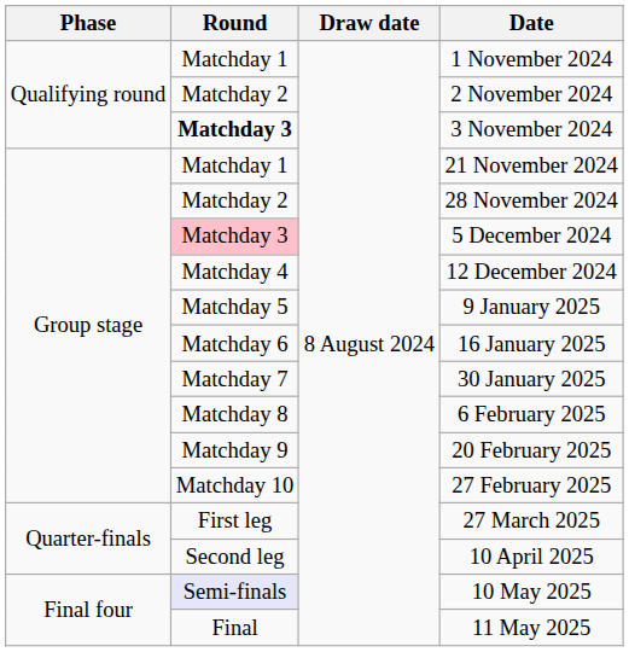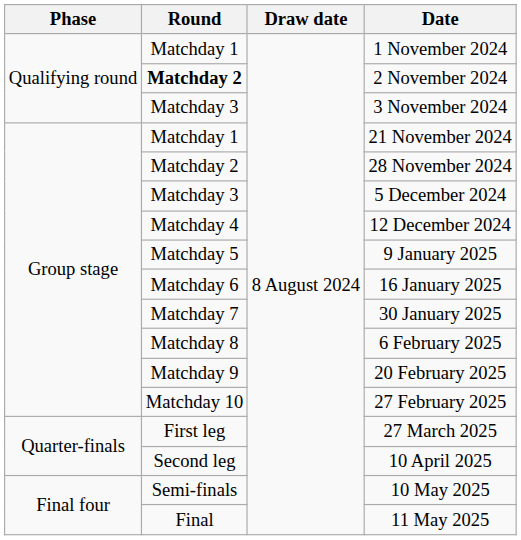 <table class="wikitable" style="text-align:center">
 <tr>
 <th>Phase</th>
 <th>Round</th>
 <th>Draw date</th>
 <th>Date</th>
 </tr>
 <tr>
 <td rowspan="3">Qualifying round</td>
 <td>Matchday 1</td>
 <td rowspan="17">8 August 2024</td>
 <td>1 November 2024</td>
 </tr>
 <tr>
-<td>Matchday 2</td>
+<td><strong>Matchday 2</strong></td>
 <td>2 November 2024</td>
 </tr>
 <tr>
-<td><strong>Matchday 3</strong></td>
+<td>Matchday 3</td>
 <td>3 November 2024</td>
 </tr>
 <tr>
 <td rowspan="10">Group stage</td>
 <td>Matchday 1</td>
 <td>21 November 2024</td>
 </tr>
 <tr>
 <td>Matchday 2</td>
 <td>28 November 2024</td>
 </tr>
 <tr>
-<td style="background: pink;">Matchday 3</td>
+<td>Matchday 3</td>
 <td>5 December 2024</td>
 </tr>
 <tr>
 <td>Matchday 4</td>
 <td>12 December 2024</td>
 </tr>
 <tr>
 <td>Matchday 5</td>
 <td>9 January 2025</td>
 </tr>
 <tr>
 <td>Matchday 6</td>
 <td>16 January 2025</td>
 </tr>
 <tr>
 <td>Matchday 7</td>
 <td>30 January 2025</td>
 </tr>
 <tr>
 <td>Matchday 8</td>
 <td>6 February 2025</td>
 </tr>
 <tr>
 <td>Matchday 9</td>
 <td>20 February 2025</td>
 </tr>
 <tr>
 <td>Matchday 10</td>
 <td>27 February 2025</td>
 </tr>
 <tr>
 <td rowspan=2>Quarter-finals</td>
 <td>First leg</td>
 <td>27 March 2025</td>
 </tr>
 <tr>
 <td>Second leg</td>
 <td>10 April 2025</td>
 </tr>
 <tr>
 <td rowspan="2">Final four</td>
-<td style="background: lavender;">Semi-finals</td>
+<td>Semi-finals</td>
 <td>10 May 2025</td>
 </tr>
 <tr>
 <td>Final</td>
 <td>11 May 2025</td>
 </tr>
 </table>
